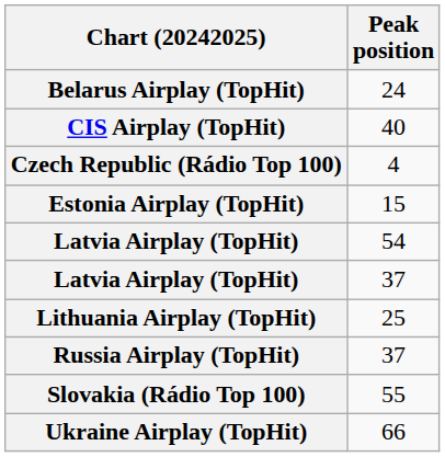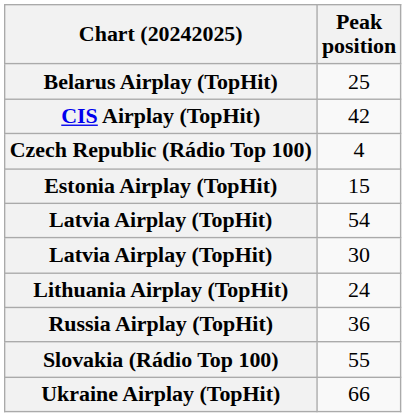 <table class="wikitable plainrowheaders sortable" style="text-align:center">
 <tr>
 <th scope="col">Chart (20242025)</th>
 <th scope="col">Peak<br>position</th>
 </tr>
 <tr>
 <th scope="row">Belarus Airplay (TopHit)</th>
-<td>24</td>
+<td>25</td>
 </tr>
 <tr>
 <th scope="row"><a href='#'>CIS</a> Airplay (TopHit)</th>
-<td>40</td>
+<td>42</td>
 </tr>
 <tr>
 <th scope="row">Czech Republic (Rádio Top 100)</th>
 <td>4</td>
 </tr>
 <tr>
 <th scope="row">Estonia Airplay (TopHit)</th>
 <td>15</td>
 </tr>
 <tr>
 <th scope="row">Latvia Airplay (TopHit)</th>
 <td>54</td>
 </tr>
 <tr>
 <th scope="row">Latvia Airplay (TopHit)<br></th>
-<td>37</td>
+<td>30</td>
 </tr>
 <tr>
 <th scope="row">Lithuania Airplay (TopHit)</th>
-<td>25</td>
+<td>24</td>
 </tr>
 <tr>
 <th scope="row">Russia Airplay (TopHit)</th>
-<td>37</td>
+<td>36</td>
 </tr>
 <tr>
 <th scope="row">Slovakia (Rádio Top 100)</th>
 <td>55</td>
 </tr>
 <tr>
 <th scope="row">Ukraine Airplay (TopHit)</th>
 <td>66</td>
 </tr>
 </table>
